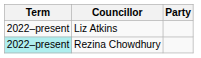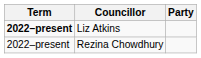 <table class="wikitable">
 <tr>
 <th>Term</th>
 <th>Councillor</th>
 <th colspan="2">Party</th>
 </tr>
 <tr>
-<td>2022–present</td>
+<td><strong>2022–present</strong></td>
 <td>Liz Atkins</td>
 <td></td>
 </tr>
 <tr>
-<td style="background: paleturquoise;">2022–present</td>
+<td>2022–present</td>
 <td>Rezina Chowdhury</td>
 <td></td>
 </tr>
 </table>
